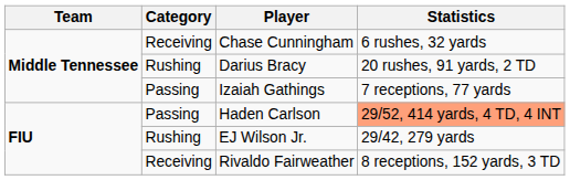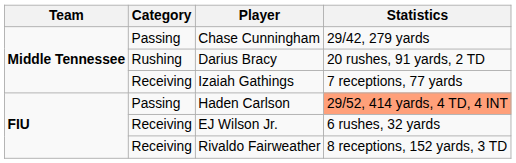 <table class="wikitable" style="float: left;">
 <tr>
 <th>Team</th>
 <th>Category</th>
 <th>Player</th>
 <th>Statistics</th>
 </tr>
 <tr>
 <td rowspan=3><strong>Middle Tennessee</strong></td>
-<td>Receiving</td>
+<td>Passing</td>
 <td>Chase Cunningham</td>
-<td>6 rushes, 32 yards</td>
+<td>29/42, 279 yards</td>
 </tr>
 <tr>
 <td>Rushing</td>
 <td>Darius Bracy</td>
 <td>20 rushes, 91 yards, 2 TD</td>
 </tr>
 <tr>
-<td>Passing</td>
+<td>Receiving</td>
 <td>Izaiah Gathings</td>
 <td>7 receptions, 77 yards</td>
 </tr>
 <tr>
 <td rowspan=3><strong>FIU</strong></td>
 <td>Passing</td>
 <td>Haden Carlson</td>
 <td style="background: lightsalmon;">29/52, 414 yards, 4 TD, 4 INT</td>
 </tr>
 <tr>
-<td>Rushing</td>
+<td>Receiving</td>
 <td>EJ Wilson Jr.</td>
-<td>29/42, 279 yards</td>
+<td>6 rushes, 32 yards</td>
 </tr>
 <tr>
 <td>Receiving</td>
 <td>Rivaldo Fairweather</td>
 <td>8 receptions, 152 yards, 3 TD</td>
 </tr>
 </table>
